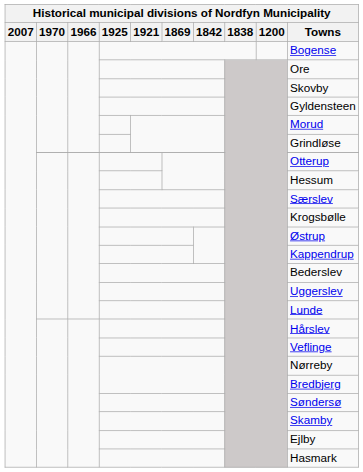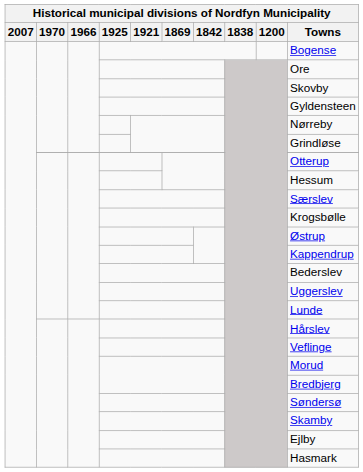 <table class="wikitable" style="margin-left:1em;" style="text-align: center">
 <tr>
 <th colspan="99">Historical municipal divisions of Nordfyn Municipality</th>
 </tr>
 <tr>
 <th>2007</th>
 <th>1970</th>
 <th>1966</th>
 <th>1925</th>
 <th>1921</th>
 <th>1869</th>
 <th>1842</th>
 <th>1838</th>
 <th>1200</th>
 <th>Towns</th>
 </tr>
 <tr>
 <td rowspan="99"></td>
 <td rowspan="6"></td>
 <td rowspan="6"></td>
 <td colspan="5"></td>
 <td></td>
 <td><a href='#'>Bogense</a></td>
 </tr>
 <tr>
 <td colspan=4></td>
 <td rowspan="99" colspan="2" style="background:#CDC9C9;"></td>
 <td>Ore</td>
 </tr>
 <tr>
 <td colspan=4></td>
 <td>Skovby</td>
 </tr>
 <tr>
 <td colspan=4></td>
 <td>Gyldensteen</td>
 </tr>
 <tr>
 <td></td>
 <td rowspan=2 colspan=3></td>
-<td><a href='#'>Morud</a></td>
+<td>Nørreby</td>
 </tr>
 <tr>
 <td></td>
 <td>Grindløse</td>
 </tr>
 <tr>
 </tr>
 <tr>
 <td rowspan="9"></td>
 <td rowspan="9"></td>
 <td colspan=2></td>
 <td colspan=2 rowspan=2></td>
 <td><a href='#'>Otterup</a></td>
 </tr>
 <tr>
 <td colspan=2></td>
 <td>Hessum</td>
 </tr>
 <tr>
 <td colspan=4></td>
 <td><a href='#'>Særslev</a></td>
 </tr>
 <tr>
 <td colspan=4></td>
 <td>Krogsbølle</td>
 </tr>
 <tr>
 <td colspan=3></td>
 <td rowspan=2></td>
 <td><a href='#'>Østrup</a></td>
 </tr>
 <tr>
 <td colspan=3></td>
 <td><a href='#'>Kappendrup</a></td>
 </tr>
 <tr>
 <td colspan=4></td>
 <td>Bederslev</td>
 </tr>
 <tr>
 <td colspan=4></td>
 <td><a href='#'>Uggerslev</a></td>
 </tr>
 <tr>
 <td colspan=4></td>
 <td><a href='#'>Lunde</a></td>
 </tr>
 <tr>
 <td rowspan="8"></td>
 <td rowspan="8"></td>
 <td colspan=4></td>
 <td><a href='#'>Hårslev</a></td>
 </tr>
 <tr>
 <td colspan=4></td>
 <td><a href='#'>Veflinge</a></td>
 </tr>
 <tr>
 <td colspan=4 rowspan=2></td>
-<td>Nørreby</td>
+<td><a href='#'>Morud</a></td>
 </tr>
 <tr>
 <td><a href='#'>Bredbjerg</a></td>
 </tr>
 <tr>
 <td colspan=4></td>
 <td><a href='#'>Søndersø</a></td>
 </tr>
 <tr>
 <td colspan=4></td>
 <td><a href='#'>Skamby</a></td>
 </tr>
 <tr>
 <td colspan=4></td>
 <td>Ejlby</td>
 </tr>
 <tr>
 <td colspan=4></td>
 <td>Hasmark</td>
 </tr>
 </table>
